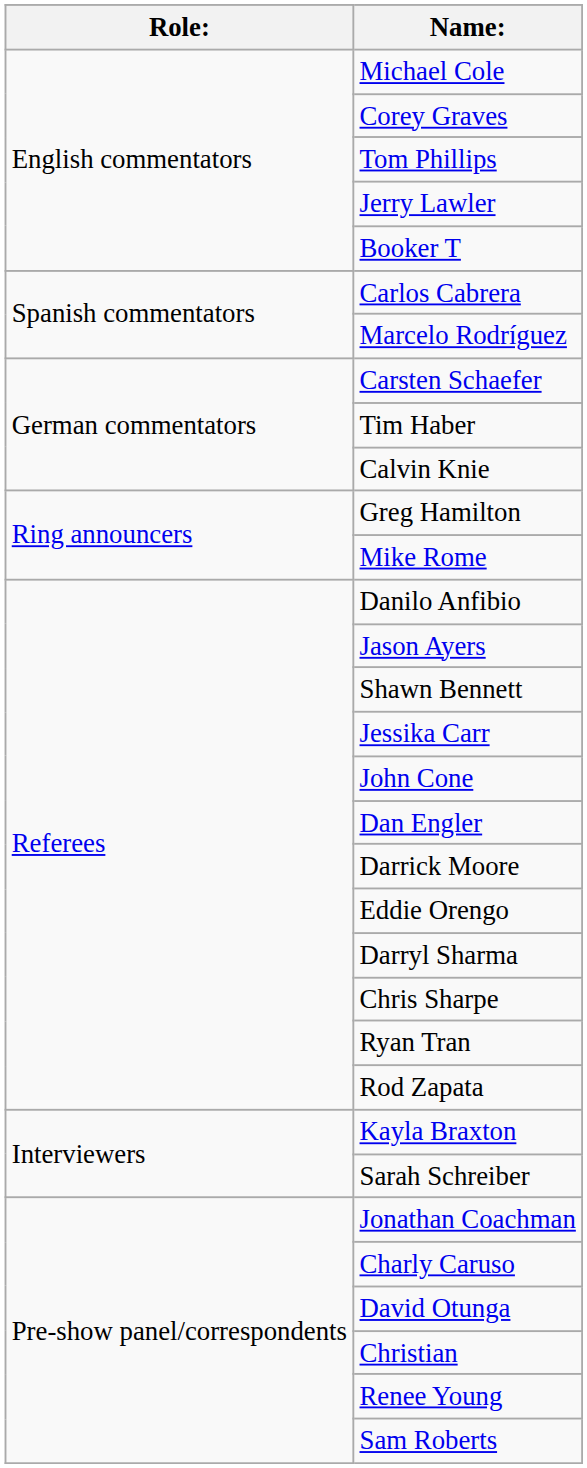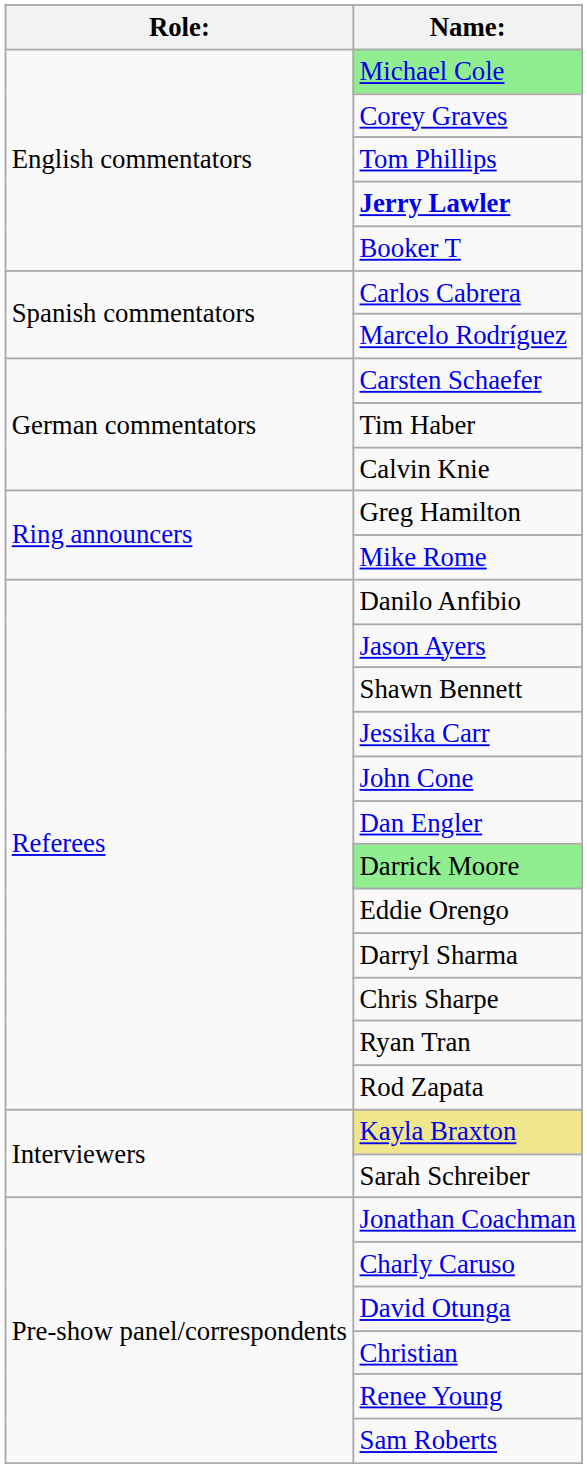 <table class=wikitable style="font-size:90%; margin: 0.5em 0 0.5em 1em; float: right; clear: right;">
 <tr>
 <th>Role:</th>
 <th>Name:</th>
 </tr>
 <tr>
 <td rowspan=5>English commentators</td>
-<td><a href='#'>Michael Cole</a> </td>
+<td style="background: lightgreen;"><a href='#'>Michael Cole</a> </td>
 </tr>
 <tr>
 <td><a href='#'>Corey Graves</a> </td>
 </tr>
 <tr>
 <td><a href='#'>Tom Phillips</a> </td>
 </tr>
 <tr>
-<td><a href='#'>Jerry Lawler</a> </td>
+<td><strong><a href='#'>Jerry Lawler</a> </strong></td>
 </tr>
 <tr>
 <td><a href='#'>Booker T</a> </td>
 </tr>
 <tr>
 <td rowspan=2>Spanish commentators</td>
 <td><a href='#'>Carlos Cabrera</a></td>
 </tr>
 <tr>
 <td><a href='#'>Marcelo Rodríguez</a></td>
 </tr>
 <tr>
 <td rowspan=3>German commentators</td>
 <td><a href='#'>Carsten Schaefer</a></td>
 </tr>
 <tr>
 <td>Tim Haber</td>
 </tr>
 <tr>
 <td>Calvin Knie</td>
 </tr>
 <tr>
 <td rowspan=2><a href='#'>Ring announcers</a></td>
 <td>Greg Hamilton </td>
 </tr>
 <tr>
 <td><a href='#'>Mike Rome</a> </td>
 </tr>
 <tr>
 <td rowspan=12><a href='#'>Referees</a></td>
 <td>Danilo Anfibio</td>
 </tr>
 <tr>
 <td><a href='#'>Jason Ayers</a></td>
 </tr>
 <tr>
 <td>Shawn Bennett</td>
 </tr>
 <tr>
 <td><a href='#'>Jessika Carr</a></td>
 </tr>
 <tr>
 <td><a href='#'>John Cone</a></td>
 </tr>
 <tr>
 <td><a href='#'>Dan Engler</a></td>
 </tr>
 <tr>
-<td>Darrick Moore</td>
+<td style="background: lightgreen;">Darrick Moore</td>
 </tr>
 <tr>
 <td>Eddie Orengo</td>
 </tr>
 <tr>
 <td>Darryl Sharma</td>
 </tr>
 <tr>
 <td>Chris Sharpe</td>
 </tr>
 <tr>
 <td>Ryan Tran</td>
 </tr>
 <tr>
 <td>Rod Zapata</td>
 </tr>
 <tr>
 <td rowspan=2>Interviewers</td>
-<td><a href='#'>Kayla Braxton</a></td>
+<td style="background: khaki;"><a href='#'>Kayla Braxton</a></td>
 </tr>
 <tr>
 <td>Sarah Schreiber</td>
 </tr>
 <tr>
 <td rowspan=6>Pre-show panel/correspondents</td>
 <td><a href='#'>Jonathan Coachman</a></td>
 </tr>
 <tr>
 <td><a href='#'>Charly Caruso</a></td>
 </tr>
 <tr>
 <td><a href='#'>David Otunga</a></td>
 </tr>
 <tr>
 <td><a href='#'>Christian</a></td>
 </tr>
 <tr>
 <td><a href='#'>Renee Young</a></td>
 </tr>
 <tr>
 <td><a href='#'>Sam Roberts</a></td>
 </tr>
 </table>
